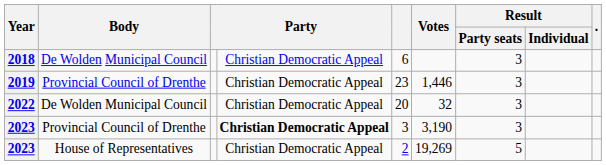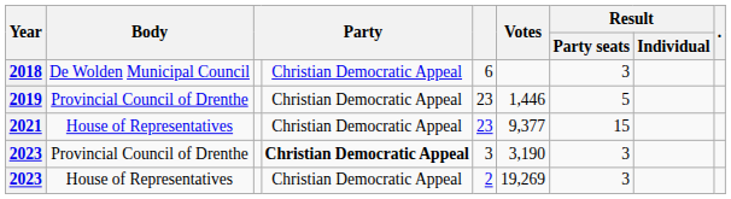 <table class="wikitable plainrowheaders sortable" border=2 cellpadding=4 cellspacing=0 style="border: 1px #aaa solid; font-size: 90%; text-align:center;">
 <tr>
 <th scope="col" rowspan=2>Year</th>
 <th scope="col" rowspan=2>Body</th>
 <th scope="col" colspan=2 rowspan=2>Party</th>
 <th scope="col" rowspan=2></th>
 <th scope="col" rowspan=2>Votes</th>
 <th scope="colgroup" colspan=2>Result</th>
 <th scope="col" rowspan=2 class="unsortable">.</th>
 </tr>
 <tr>
 <th scope="col">Party seats</th>
 <th scope="col">Individual</th>
 </tr>
 <tr>
 <th scope="row"><a href='#'>2018</a></th>
 <td><a href='#'>De Wolden</a> <a href='#'>Municipal Council</a></td>
 <td style="background-color:"></td>
 <td><a href='#'>Christian Democratic Appeal</a></td>
 <td style=text-align:right>6</td>
 <td style=text-align:right></td>
 <td style=text-align:right>3</td>
 <td></td>
 <td></td>
 </tr>
 <tr>
 <th scope="row"><a href='#'>2019</a></th>
 <td><a href='#'>Provincial Council of Drenthe</a></td>
 <td style="background-color:"></td>
 <td>Christian Democratic Appeal</td>
 <td style=text-align:right>23</td>
 <td style=text-align:right>1,446</td>
-<td style=text-align:right>3</td>
+<td style=text-align:right>5</td>
 <td></td>
 <td></td>
 </tr>
 <tr>
-<th scope="row"><a href='#'>2022</a></th>
-<td>De Wolden Municipal Council</td>
+<th scope="row"><a href='#'>2021</a></th>
+<td><a href='#'>House of Representatives</a></td>
 <td style="background-color:"></td>
 <td>Christian Democratic Appeal</td>
-<td style=text-align:right>20</td>
-<td style=text-align:right>32</td>
-<td style=text-align:right>3</td>
+<td style=text-align:right><a href='#'>23</a></td>
+<td style=text-align:right>9,377</td>
+<td style=text-align:right>15</td>
 <td></td>
 <td></td>
 </tr>
 <tr>
 <th scope="row"><a href='#'>2023</a></th>
 <td>Provincial Council of Drenthe</td>
 <td style="background-color:"></td>
 <td><strong>Christian Democratic Appeal</strong></td>
 <td style=text-align:right>3</td>
 <td style=text-align:right>3,190</td>
 <td style=text-align:right>3</td>
 <td></td>
 <td></td>
 </tr>
 <tr>
 <th scope="row"><a href='#'>2023</a></th>
 <td>House of Representatives</td>
 <td style="background-color:"></td>
 <td>Christian Democratic Appeal</td>
 <td style=text-align:right><a href='#'>2</a></td>
 <td style=text-align:right>19,269</td>
-<td style=text-align:right>5</td>
+<td style=text-align:right>3</td>
 <td></td>
 <td></td>
 </tr>
 </table>
